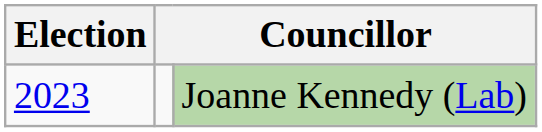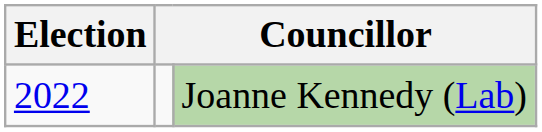 <table class="wikitable">
 <tr>
 <th>Election</th>
 <th colspan="2">Councillor</th>
 </tr>
 <tr>
-<td><a href='#'>2023</a></td>
+<td><a href='#'>2022</a></td>
 <td style="background-color: "></td>
 <td bgcolor="#B6D7A8">Joanne Kennedy (<a href='#'>Lab</a>)</td>
 </tr>
 </table>
